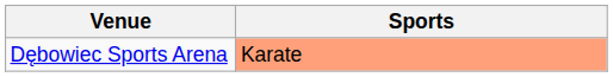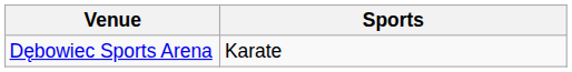 <table class="wikitable sortable">
 <tr>
 <th width="170">Venue</th>
 <th width="278">Sports</th>
 </tr>
 <tr>
 <td><a href='#'>Dębowiec Sports Arena</a></td>
-<td style="background: lightsalmon;">Karate</td>
+<td>Karate</td>
 </tr>
 </table>
